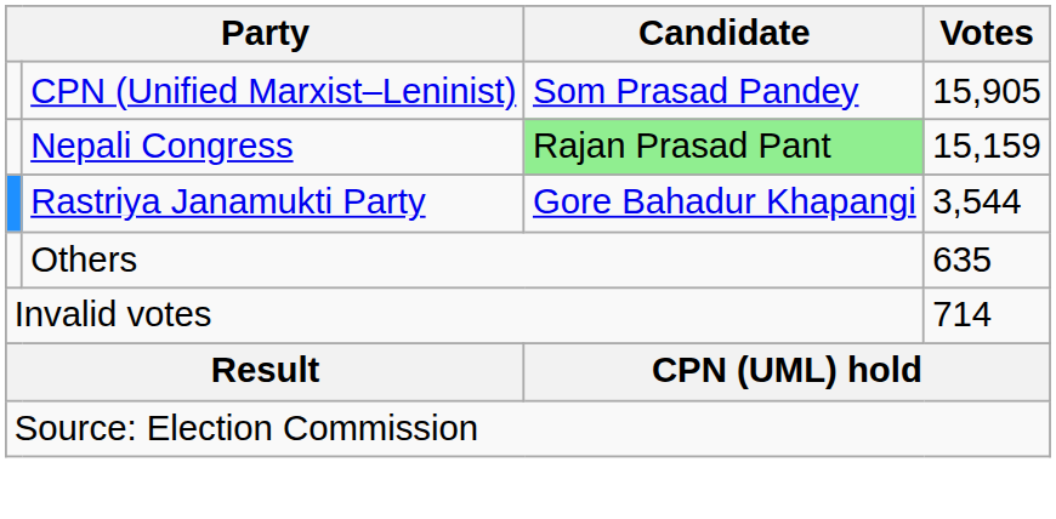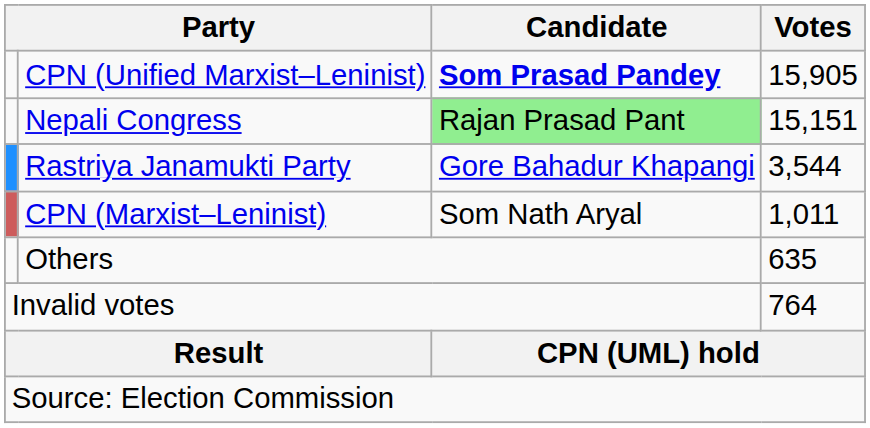 <table class="wikitable">
 <tr>
 <th colspan="2">Party</th>
 <th>Candidate</th>
 <th>Votes</th>
 </tr>
 <tr>
 <td style="background-color:"></td>
 <td><a href='#'>CPN (Unified Marxist–Leninist)</a></td>
-<td><a href='#'>Som Prasad Pandey</a></td>
+<td><strong><a href='#'>Som Prasad Pandey</a></strong></td>
 <td>15,905</td>
 </tr>
 <tr>
 <td style="background-color:"></td>
 <td><a href='#'>Nepali Congress</a></td>
 <td style="background: lightgreen;">Rajan Prasad Pant</td>
-<td>15,159</td>
+<td>15,151</td>
 </tr>
 <tr>
 <td style="background-color:dodgerblue"></td>
 <td><a href='#'>Rastriya Janamukti Party</a></td>
 <td><a href='#'>Gore Bahadur Khapangi</a></td>
 <td>3,544</td>
 </tr>
 <tr>
+<td style="background-color:indianred"></td>
+<td><a href='#'>CPN (Marxist–Leninist)</a></td>
+<td>Som Nath Aryal</td>
+<td>1,011</td>
+</tr>
+<tr>
 <td></td>
 <td colspan="2">Others</td>
 <td>635</td>
 </tr>
 <tr>
 <td colspan="3">Invalid votes</td>
-<td>714</td>
+<td>764</td>
 </tr>
 <tr>
 <th colspan="2">Result</th>
 <th colspan="2">CPN (UML) hold</th>
 </tr>
 <tr>
 <td colspan="4">Source: Election Commission</td>
 </tr>
 </table>
